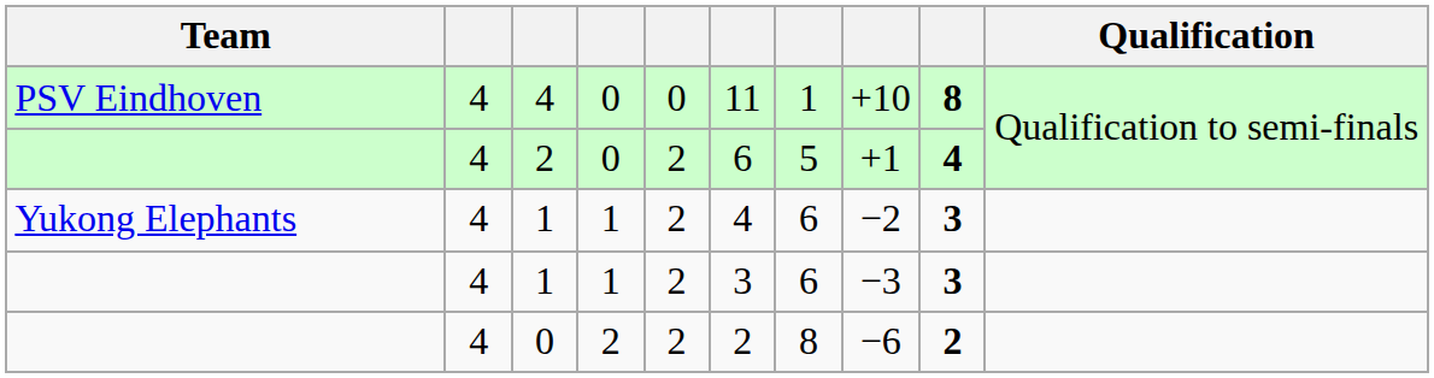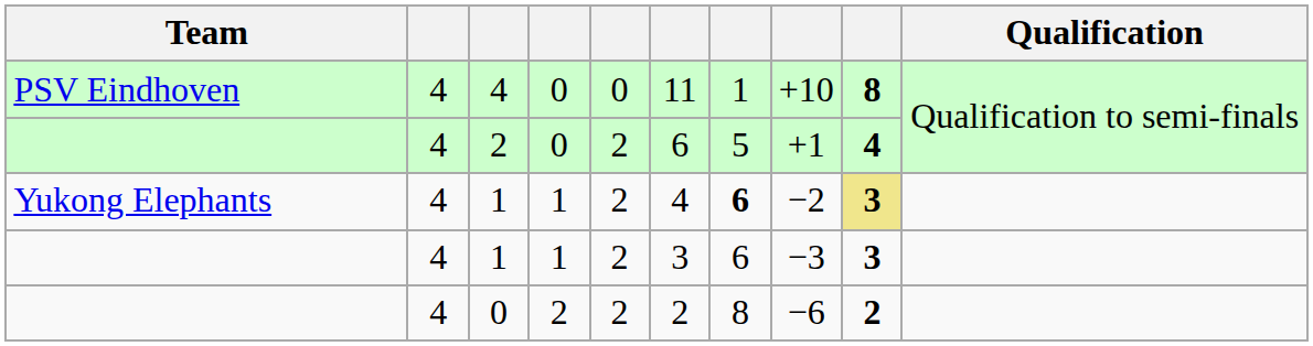 <table class="wikitable" style="text-align:center;">
 <tr>
 <th width=175>Team</th>
 <th width=20></th>
 <th width=20></th>
 <th width=20></th>
 <th width=20></th>
 <th width=20></th>
 <th width=20></th>
 <th width=20></th>
 <th width=20></th>
 <th>Qualification</th>
 </tr>
 <tr bgcolor="#ccffcc">
 <td align="left"> <a href='#'>PSV Eindhoven</a></td>
 <td>4</td>
 <td>4</td>
 <td>0</td>
 <td>0</td>
 <td>11</td>
 <td>1</td>
 <td>+10</td>
 <td><strong>8</strong></td>
 <td rowspan="2">Qualification to semi-finals</td>
 </tr>
 <tr bgcolor="#ccffcc">
 <td align="left"></td>
 <td>4</td>
 <td>2</td>
 <td>0</td>
 <td>2</td>
 <td>6</td>
 <td>5</td>
 <td>+1</td>
 <td><strong>4</strong></td>
 </tr>
 <tr>
 <td align="left"> <a href='#'>Yukong Elephants</a></td>
 <td>4</td>
 <td>1</td>
 <td>1</td>
 <td>2</td>
 <td>4</td>
-<td>6</td>
+<td><strong>6</strong></td>
 <td>−2</td>
-<td><strong>3</strong></td>
+<td style="background: khaki;"><strong>3</strong></td>
 <td></td>
 </tr>
 <tr>
 <td align="left"></td>
 <td>4</td>
 <td>1</td>
 <td>1</td>
 <td>2</td>
 <td>3</td>
 <td>6</td>
 <td>−3</td>
 <td><strong>3</strong></td>
 <td></td>
 </tr>
 <tr>
 <td align="left"></td>
 <td>4</td>
 <td>0</td>
 <td>2</td>
 <td>2</td>
 <td>2</td>
 <td>8</td>
 <td>−6</td>
 <td><strong>2</strong></td>
 <td></td>
 </tr>
 </table>
